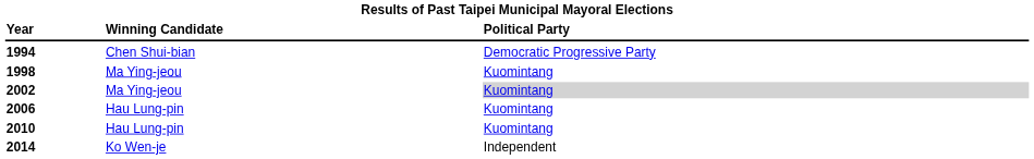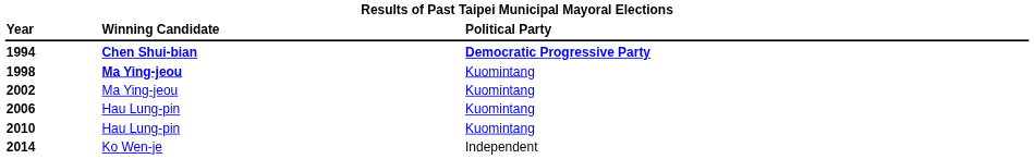 <table id="toc" style="margin:1em auto; width: 90%; font-size: 90%;" cellspacing="3">
 <tr>
 <td colspan="3" align="center"><strong>Results of Past Taipei Municipal Mayoral Elections</strong></td>
 </tr>
 <tr>
 <td><strong>Year</strong></td>
 <td><strong> Winning Candidate</strong></td>
 <td><strong>Political Party</strong></td>
 </tr>
 <tr>
 <th bgcolor="#000000" colspan="7"></th>
 </tr>
 <tr>
 <td><strong>1994</strong></td>
-<td><a href='#'>Chen Shui-bian</a></td>
-<td> <a href='#'>Democratic Progressive Party</a></td>
+<td><strong><a href='#'>Chen Shui-bian</a></strong></td>
+<td><strong> <a href='#'>Democratic Progressive Party</a></strong></td>
 </tr>
 <tr>
 <td><strong>1998</strong></td>
-<td><a href='#'>Ma Ying-jeou</a></td>
+<td><strong><a href='#'>Ma Ying-jeou</a></strong></td>
 <td> <a href='#'>Kuomintang</a></td>
 </tr>
 <tr>
 <td><strong>2002</strong></td>
 <td><a href='#'>Ma Ying-jeou</a></td>
-<td style="background: lightgrey;"> <a href='#'>Kuomintang</a></td>
+<td> <a href='#'>Kuomintang</a></td>
 </tr>
 <tr>
 <td><strong>2006</strong></td>
 <td><a href='#'>Hau Lung-pin</a></td>
 <td> <a href='#'>Kuomintang</a></td>
 </tr>
 <tr>
 <td><strong>2010</strong></td>
 <td><a href='#'>Hau Lung-pin</a></td>
 <td> <a href='#'>Kuomintang</a></td>
 </tr>
 <tr>
 <td><strong>2014</strong></td>
 <td><a href='#'>Ko Wen-je</a></td>
 <td> Independent</td>
 </tr>
 </table>
